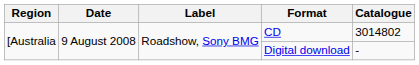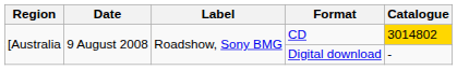 <table class="wikitable">
 <tr>
 <th>Region</th>
 <th>Date</th>
 <th>Label</th>
 <th>Format</th>
 <th>Catalogue</th>
 </tr>
 <tr>
 <td rowspan="2">[Australia</td>
 <td rowspan="2">9 August 2008</td>
 <td rowspan="2">Roadshow, <a href='#'>Sony BMG</a></td>
 <td><a href='#'>CD</a></td>
-<td>3014802</td>
+<td style="background: gold;">3014802</td>
 </tr>
 <tr>
 <td><a href='#'>Digital download</a></td>
 <td>-</td>
 </tr>
 </table>
